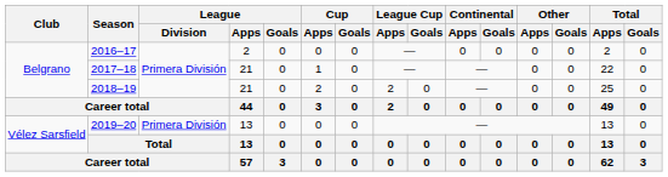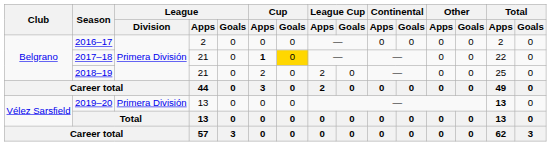 <table class="wikitable" style="text-align:center">
 <tr>
 <th rowspan="2">Club</th>
 <th rowspan="2">Season</th>
 <th colspan="3">League</th>
 <th colspan="2">Cup</th>
 <th colspan="2">League Cup</th>
 <th colspan="2">Continental</th>
 <th colspan="2">Other</th>
 <th colspan="2">Total</th>
 </tr>
 <tr>
 <th>Division</th>
 <th>Apps</th>
 <th>Goals</th>
 <th>Apps</th>
 <th>Goals</th>
 <th>Apps</th>
 <th>Goals</th>
 <th>Apps</th>
 <th>Goals</th>
 <th>Apps</th>
 <th>Goals</th>
 <th>Apps</th>
 <th>Goals</th>
 </tr>
 <tr>
 <td rowspan="3"><a href='#'>Belgrano</a></td>
 <td><a href='#'>2016–17</a></td>
 <td rowspan="3"><a href='#'>Primera División</a></td>
 <td>2</td>
 <td>0</td>
 <td>0</td>
 <td>0</td>
 <td colspan="2">—</td>
 <td>0</td>
 <td>0</td>
 <td>0</td>
 <td>0</td>
 <td>2</td>
 <td>0</td>
 </tr>
 <tr>
 <td><a href='#'>2017–18</a></td>
 <td>21</td>
 <td>0</td>
-<td>1</td>
-<td>0</td>
+<td><strong>1</strong></td>
+<td style="background: gold;">0</td>
 <td colspan="2">—</td>
 <td colspan="2">—</td>
 <td>0</td>
 <td>0</td>
 <td>22</td>
 <td>0</td>
 </tr>
 <tr>
 <td><a href='#'>2018–19</a></td>
 <td>21</td>
 <td>0</td>
 <td>2</td>
 <td>0</td>
 <td>2</td>
 <td>0</td>
 <td colspan="2">—</td>
 <td>0</td>
 <td>0</td>
 <td>25</td>
 <td>0</td>
 </tr>
 <tr>
 <th colspan="3">Career total</th>
 <th>44</th>
 <th>0</th>
 <th>3</th>
 <th>0</th>
 <th>2</th>
 <th>0</th>
 <th>0</th>
 <th>0</th>
 <th>0</th>
 <th>0</th>
 <th>49</th>
 <th>0</th>
 </tr>
 <tr>
 <td valign="center" rowspan="2"><a href='#'>Vélez Sarsfield</a></td>
 <td><a href='#'>2019–20</a></td>
 <td rowspan="1"><a href='#'>Primera División</a></td>
 <td>13</td>
 <td>0</td>
 <td>0</td>
 <td>0</td>
 <td colspan="6">—</td>
-<td>13</td>
+<td><strong>13</strong></td>
 <td>0</td>
 </tr>
 <tr>
 <th colspan="2">Total</th>
 <th>13</th>
 <th>0</th>
 <th>0</th>
 <th>0</th>
 <th>0</th>
 <th>0</th>
 <th>0</th>
 <th>0</th>
 <th>0</th>
 <th>0</th>
 <th>13</th>
 <th>0</th>
 </tr>
 <tr>
 <th colspan="3">Career total</th>
 <th>57</th>
 <th>3</th>
 <th>0</th>
 <th>0</th>
 <th>0</th>
 <th>0</th>
 <th>0</th>
 <th>0</th>
 <th>0</th>
 <th>0</th>
 <th>62</th>
 <th>3</th>
 </tr>
 </table>
